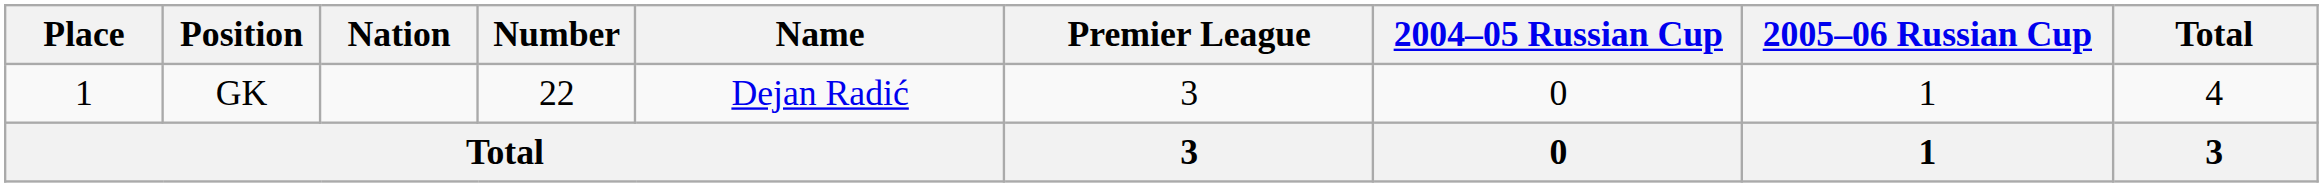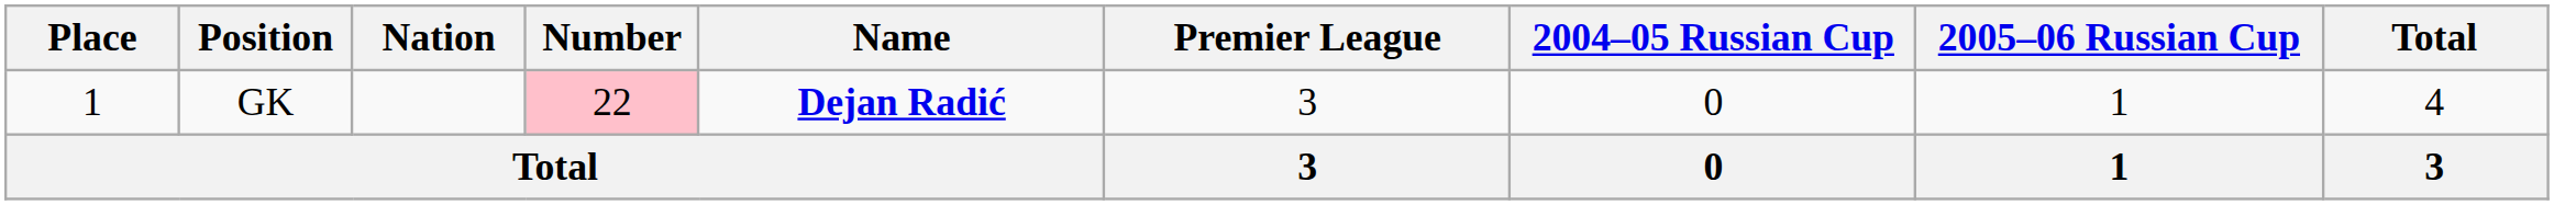 <table class="wikitable" style="font-size: 95%; text-align: center;">
 <tr>
 <th width=60>Place</th>
 <th width=60>Position</th>
 <th width=60>Nation</th>
 <th width=60>Number</th>
 <th width=150>Name</th>
 <th width=150>Premier League</th>
 <th width=150><a href='#'>2004–05 Russian Cup</a></th>
 <th width=150><a href='#'>2005–06 Russian Cup</a></th>
 <th width=80>Total</th>
 </tr>
 <tr>
 <td>1</td>
 <td>GK</td>
 <td></td>
-<td>22</td>
-<td><a href='#'>Dejan Radić</a></td>
+<td style="background: pink;">22</td>
+<td><strong><a href='#'>Dejan Radić</a></strong></td>
 <td>3</td>
 <td>0</td>
 <td>1</td>
 <td>4</td>
 </tr>
 <tr>
 <th colspan=5>Total</th>
 <th>3</th>
 <th>0</th>
 <th>1</th>
 <th>3</th>
 </tr>
 </table>
